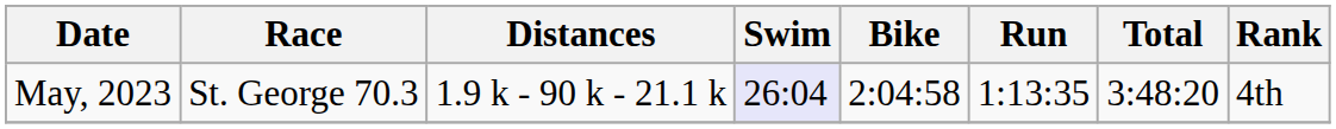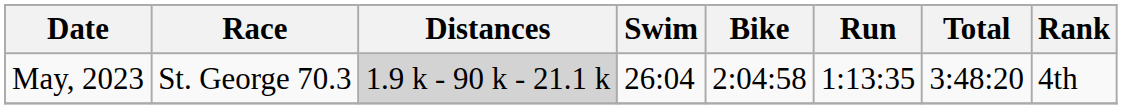 <table class="wikitable">
 <tr>
 <th>Date</th>
 <th>Race</th>
 <th>Distances</th>
 <th>Swim</th>
 <th>Bike</th>
 <th>Run</th>
 <th>Total</th>
 <th>Rank</th>
 </tr>
 <tr>
 <td>May, 2023</td>
 <td>St. George 70.3</td>
-<td>1.9 k - 90 k - 21.1 k</td>
-<td style="background: lavender;">26:04</td>
+<td style="background: lightgrey;">1.9 k - 90 k - 21.1 k</td>
+<td>26:04</td>
 <td>2:04:58</td>
 <td>1:13:35</td>
 <td>3:48:20</td>
 <td>4th</td>
 </tr>
 <tr>
 </tr>
 </table>
